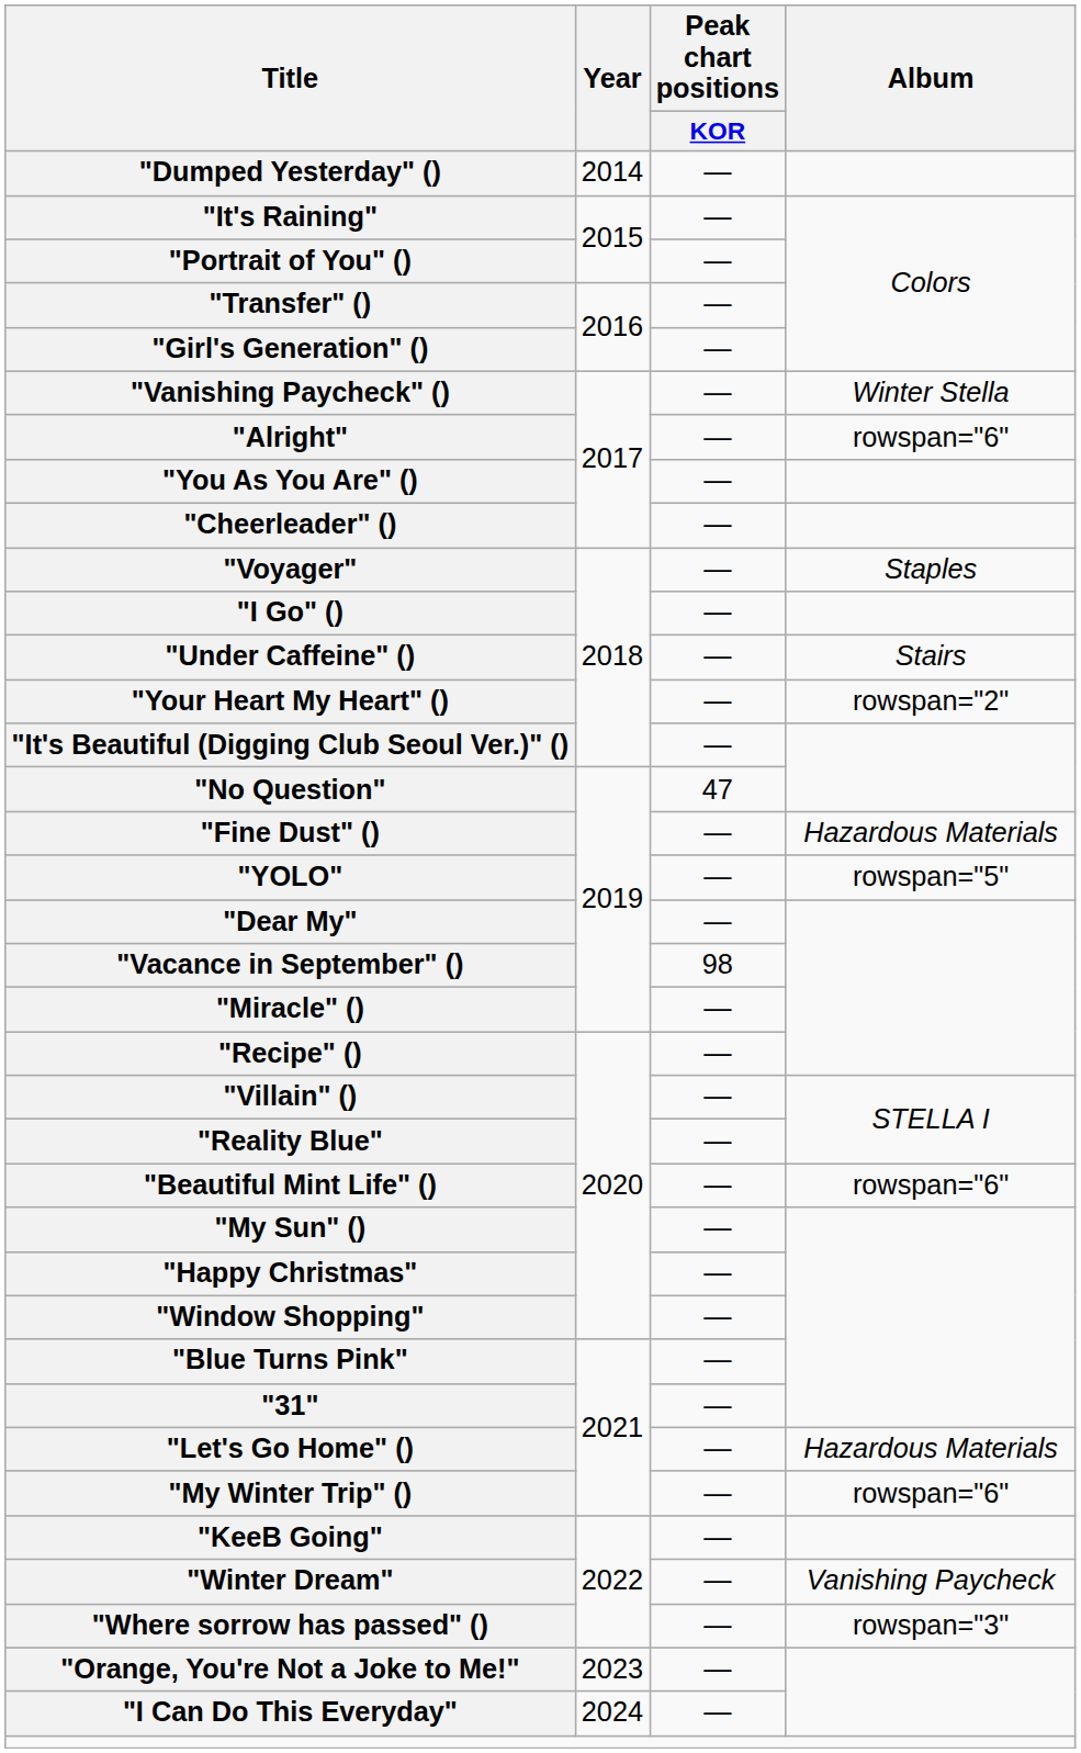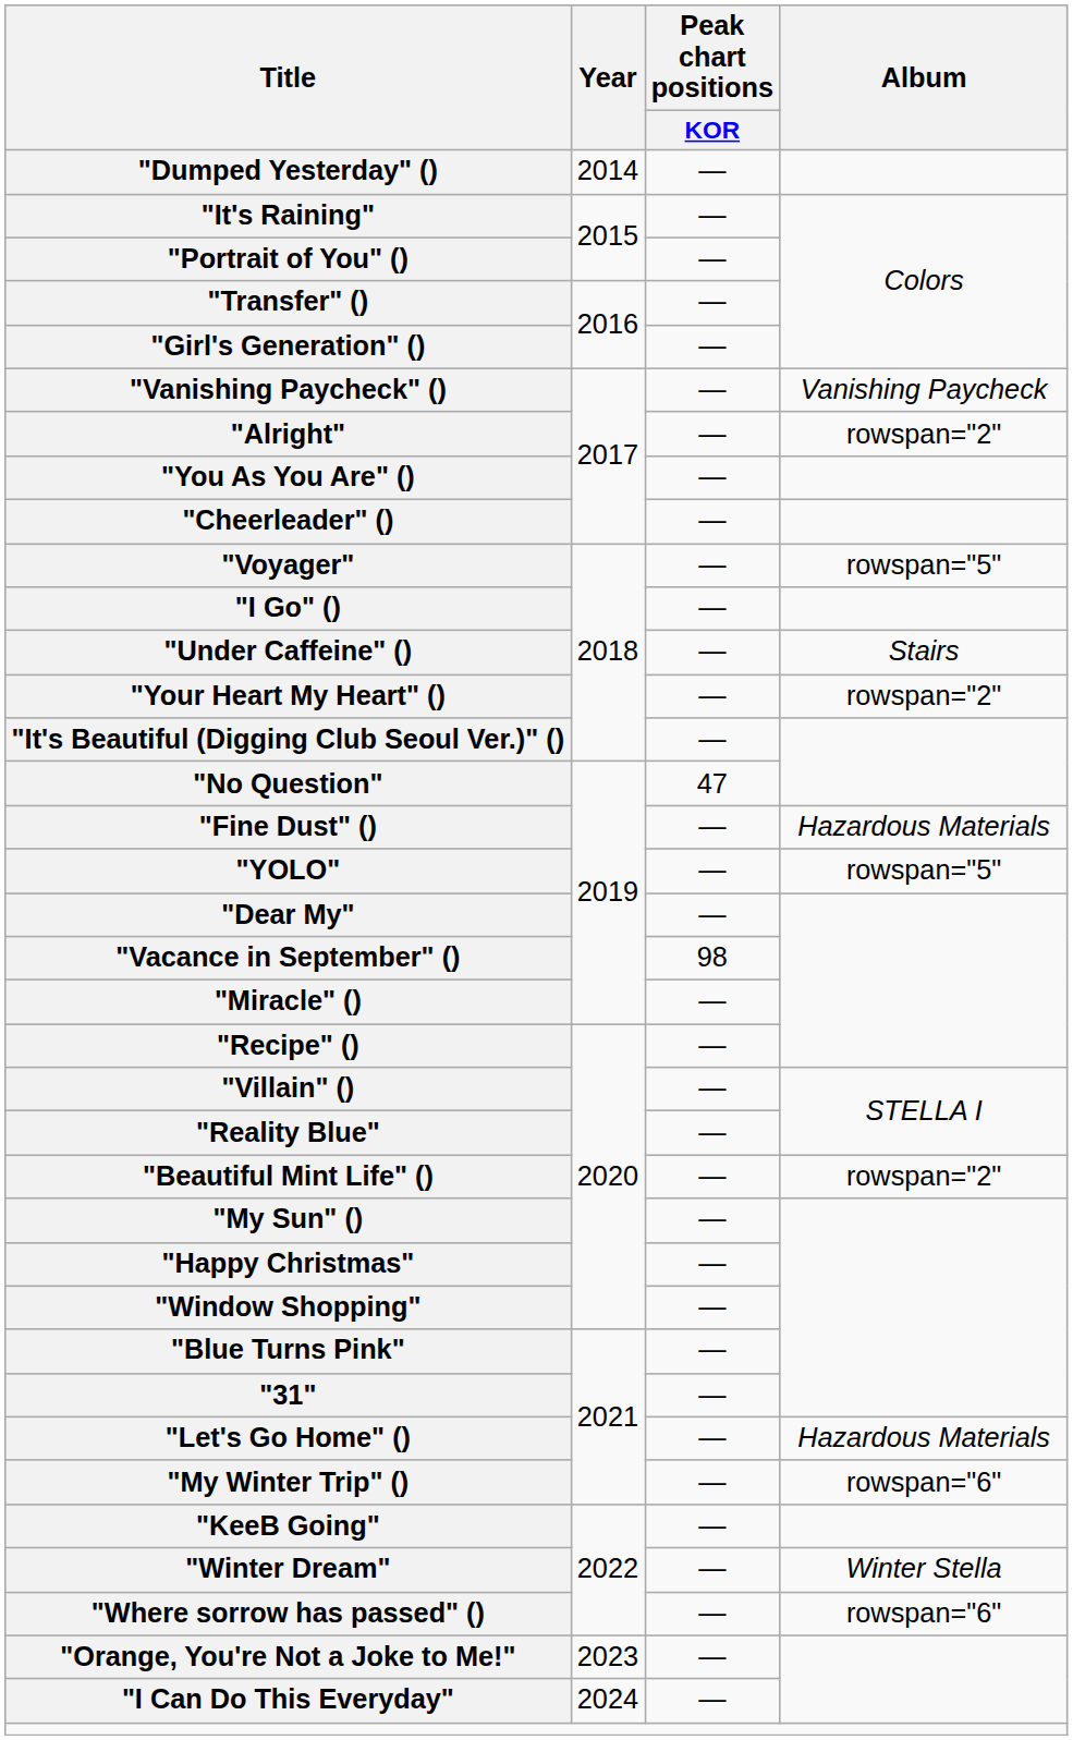 <table class="wikitable plainrowheaders" style="text-align:center;">
 <tr>
 <th rowspan="2" scope="col">Title</th>
 <th rowspan="2" scope="col">Year</th>
 <th scope="col">Peak chart positions</th>
 <th rowspan="2" scope="col" style="width:10em;">Album</th>
 </tr>
 <tr>
 <th scope="col" style="width:2.5em;font-size:90%;"><a href='#'>KOR</a><br></th>
 </tr>
 <tr>
 <th scope="row">"Dumped Yesterday" ()</th>
 <td>2014</td>
 <td>—</td>
 <td></td>
 </tr>
 <tr>
 <th scope="row">"It's Raining" </th>
 <td rowspan="2">2015</td>
 <td>—</td>
 <td rowspan="4"><em>Colors</em></td>
 </tr>
 <tr>
 <th scope="row">"Portrait of You" ()</th>
 <td>—</td>
 </tr>
 <tr>
 <th scope="row">"Transfer" ()</th>
 <td rowspan="2">2016</td>
 <td>—</td>
 </tr>
 <tr>
 <th scope="row">"Girl's Generation" ()</th>
 <td>—</td>
 </tr>
 <tr>
 <th scope="row">"Vanishing Paycheck" ()</th>
 <td rowspan="4">2017</td>
 <td>—</td>
-<td><em>Winter Stella</em></td>
+<td><em>Vanishing Paycheck</em></td>
 </tr>
 <tr>
 <th scope="row">"Alright"</th>
 <td>—</td>
-<td>rowspan="6" </td>
+<td>rowspan="2" </td>
 </tr>
 <tr>
 <th scope="row">"You As You Are" ()</th>
 <td>—</td>
 </tr>
 <tr>
 <th scope="row">"Cheerleader" () </th>
 <td>—</td>
 <td></td>
 </tr>
 <tr>
 <th scope="row">"Voyager" </th>
 <td rowspan="5">2018</td>
 <td>—</td>
-<td><em>Staples</em></td>
+<td>rowspan="5" </td>
 </tr>
 <tr>
 <th scope="row">"I Go" ()</th>
 <td>—</td>
 <td></td>
 </tr>
 <tr>
 <th scope="row">"Under Caffeine" ()</th>
 <td>—</td>
 <td><em>Stairs</em></td>
 </tr>
 <tr>
 <th scope="row">"Your Heart My Heart" ()</th>
 <td>—</td>
 <td>rowspan="2" </td>
 </tr>
 <tr>
 <th scope="row">"It's Beautiful (Digging Club Seoul Ver.)" ()</th>
 <td>—</td>
 </tr>
 <tr>
 <th scope="row">"No Question" </th>
 <td rowspan="6">2019</td>
 <td>47</td>
 </tr>
 <tr>
 <th scope="row">"Fine Dust" ()</th>
 <td>—</td>
 <td><em>Hazardous Materials</em></td>
 </tr>
 <tr>
 <th scope="row">"YOLO"</th>
 <td>—</td>
 <td>rowspan="5" </td>
 </tr>
 <tr>
 <th scope="row">"Dear My"</th>
 <td>—</td>
 </tr>
 <tr>
 <th scope="row">"Vacance in September" () </th>
 <td>98</td>
 </tr>
 <tr>
 <th scope="row">"Miracle" () </th>
 <td>—</td>
 </tr>
 <tr>
 <th scope="row">"Recipe" ()</th>
 <td rowspan="7">2020</td>
 <td>—</td>
 </tr>
 <tr>
 <th scope="row">"Villain" ()</th>
 <td>—</td>
 <td rowspan="2"><em>STELLA I</em></td>
 </tr>
 <tr>
 <th scope="row">"Reality Blue"</th>
 <td>—</td>
 </tr>
 <tr>
 <th scope="row">"Beautiful Mint Life" () </th>
 <td>—</td>
-<td>rowspan="6" </td>
+<td>rowspan="2" </td>
 </tr>
 <tr>
 <th scope="row">"My Sun" ()</th>
 <td>—</td>
 </tr>
 <tr>
 <th scope="row">"Happy Christmas" </th>
 <td>—</td>
 </tr>
 <tr>
 <th scope="row">"Window Shopping"</th>
 <td>—</td>
 </tr>
 <tr>
 <th scope="row">"Blue Turns Pink"</th>
 <td rowspan="4">2021</td>
 <td>—</td>
 </tr>
 <tr>
 <th scope="row">"31" </th>
 <td>—</td>
 </tr>
 <tr>
 <th scope="row">"Let's Go Home" ()</th>
 <td>—</td>
 <td><em>Hazardous Materials</em></td>
 </tr>
 <tr>
 <th scope="row">"My Winter Trip" ()</th>
 <td>—</td>
 <td>rowspan="6" </td>
 </tr>
 <tr>
 <th scope="row">"KeeB Going"</th>
 <td rowspan="3">2022</td>
 <td>—</td>
 </tr>
 <tr>
 <th scope="row">"Winter Dream"</th>
 <td>—</td>
-<td><em>Vanishing Paycheck</em></td>
+<td><em>Winter Stella</em></td>
 </tr>
 <tr>
 <th scope="row">"Where sorrow has passed" ()</th>
 <td>—</td>
-<td>rowspan="3" </td>
+<td>rowspan="6" </td>
 </tr>
 <tr>
 <th scope="row">"Orange, You're Not a Joke to Me!"</th>
 <td>2023</td>
 <td>—</td>
 </tr>
 <tr>
 <th scope = "row">"I Can Do This Everyday"</th>
 <td>2024</td>
 <td>—</td>
 </tr>
 <tr>
 <td colspan="4"></td>
 </tr>
 <tr>
 </tr>
 </table>
